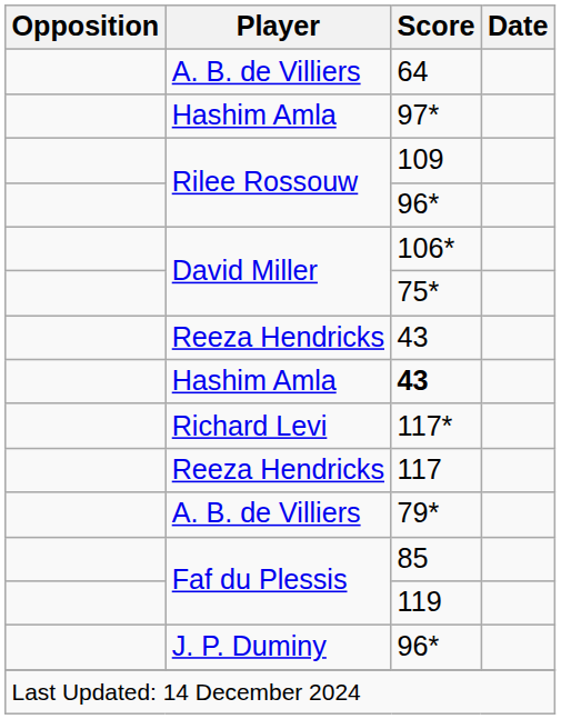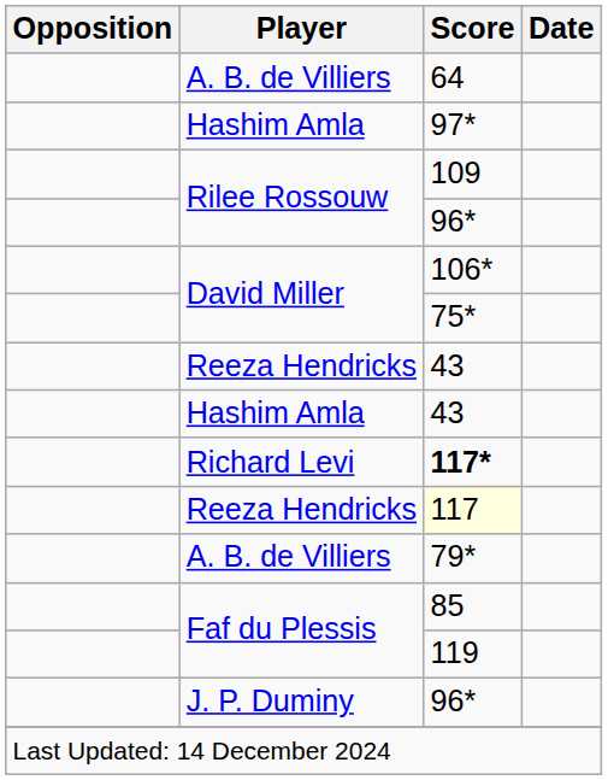 <table class="wikitable sortable">
 <tr>
 <th>Opposition</th>
 <th>Player</th>
 <th>Score</th>
 <th>Date</th>
 </tr>
 <tr>
 <td></td>
 <td><a href='#'>A. B. de Villiers</a></td>
 <td>64</td>
 <td></td>
 </tr>
 <tr>
 <td></td>
 <td><a href='#'>Hashim Amla</a></td>
 <td>97*</td>
 <td></td>
 </tr>
 <tr>
 <td></td>
 <td rowspan=2><a href='#'>Rilee Rossouw</a></td>
 <td>109</td>
 <td></td>
 </tr>
 <tr>
 <td></td>
 <td>96*</td>
 <td></td>
 </tr>
 <tr>
 <td></td>
 <td rowspan=2><a href='#'>David Miller</a></td>
 <td>106*</td>
 <td></td>
 </tr>
 <tr>
 <td></td>
 <td>75*</td>
 <td></td>
 </tr>
 <tr>
 <td></td>
 <td><a href='#'>Reeza Hendricks</a></td>
 <td>43</td>
 <td></td>
 </tr>
 <tr>
 <td></td>
 <td><a href='#'>Hashim Amla</a></td>
-<td><strong>43</strong></td>
+<td>43</td>
 <td></td>
 </tr>
 <tr>
 <td></td>
 <td><a href='#'>Richard Levi</a></td>
-<td>117*</td>
+<td><strong>117*</strong></td>
 <td></td>
 </tr>
 <tr>
 <td></td>
 <td><a href='#'>Reeza Hendricks</a></td>
-<td>117</td>
+<td style="background: lightyellow;">117</td>
 <td></td>
 </tr>
 <tr>
 <td></td>
 <td><a href='#'>A. B. de Villiers</a></td>
 <td>79*</td>
 <td></td>
 </tr>
 <tr>
 <td></td>
 <td rowspan=2><a href='#'>Faf du Plessis</a></td>
 <td>85</td>
 <td></td>
 </tr>
 <tr>
 <td></td>
 <td>119</td>
 <td></td>
 </tr>
 <tr>
 <td></td>
 <td><a href='#'>J. P. Duminy</a></td>
 <td>96*</td>
 <td></td>
 </tr>
 <tr>
 </tr>
 <tr class=sortbottom>
 <td colspan=5><small>Last Updated: 14 December 2024</small></td>
 </tr>
 </table>
